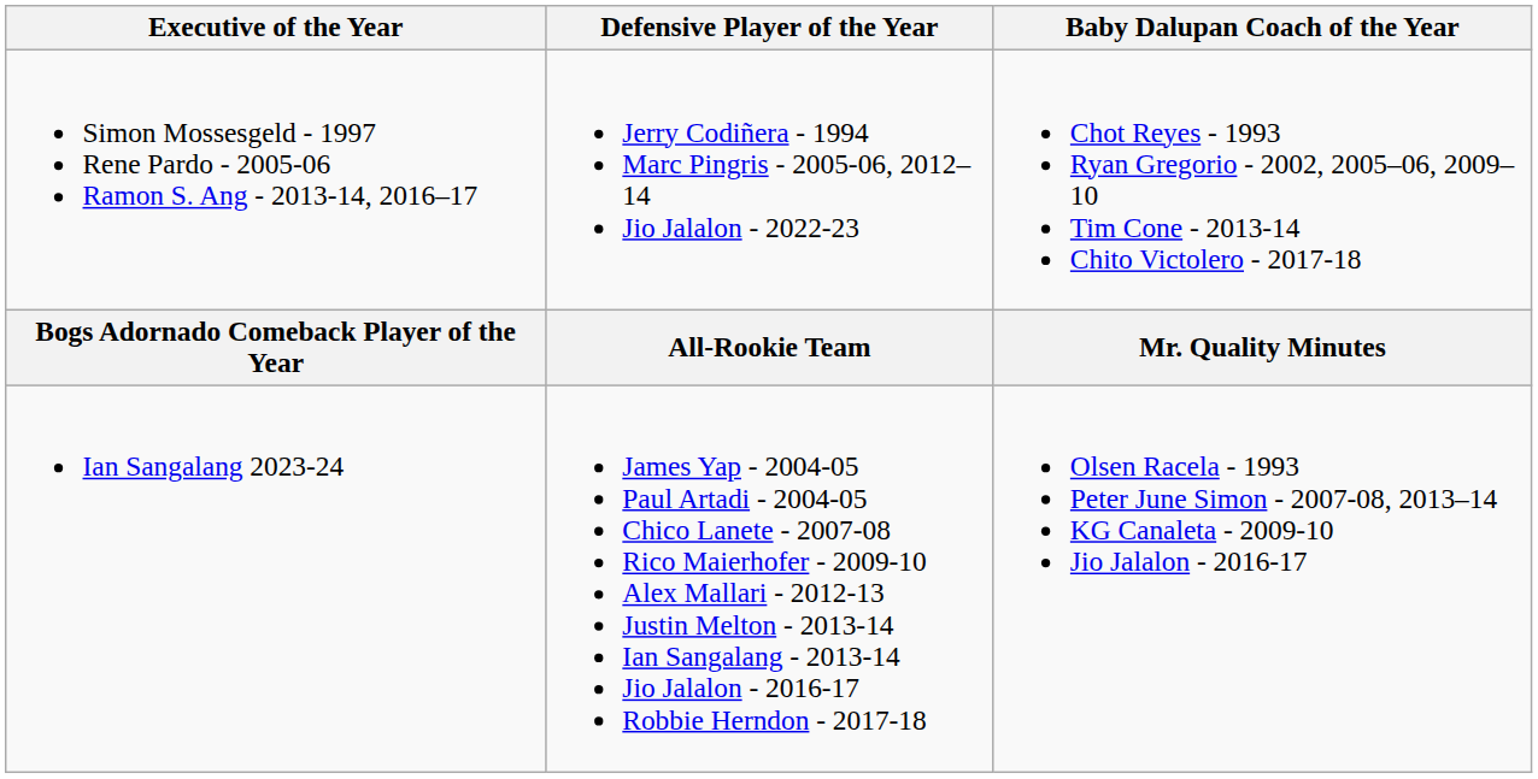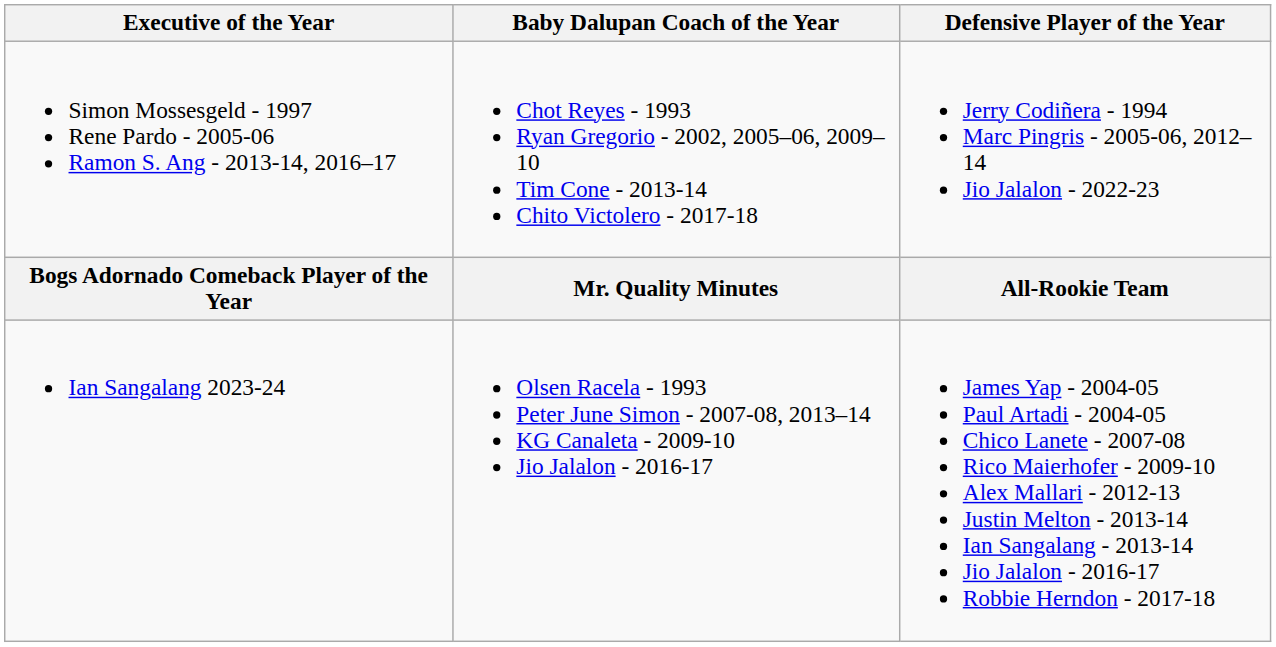 <table class=wikitable>
 <tr>
 <th>Executive of the Year</th>
+<th>Baby Dalupan Coach of the Year</th>
 <th>Defensive Player of the Year</th>
-<th>Baby Dalupan Coach of the Year</th>
 </tr>
 <tr>
 <td valign="top"><br><ul><li>Simon Mossesgeld - 1997</li><li>Rene Pardo - 2005-06</li><li><a href='#'>Ramon S. Ang</a> - 2013-14, 2016–17</li></ul></td>
+<td valign="top"><br><ul><li><a href='#'>Chot Reyes</a> - 1993</li><li><a href='#'>Ryan Gregorio</a> - 2002, 2005–06, 2009–10</li><li><a href='#'>Tim Cone</a> - 2013-14</li><li><a href='#'>Chito Victolero</a> - 2017-18</li></ul></td>
 <td valign="top"><br><ul><li><a href='#'>Jerry Codiñera</a> - 1994</li><li><a href='#'>Marc Pingris</a> - 2005-06, 2012–14</li><li><a href='#'>Jio Jalalon</a> - 2022-23</li></ul></td>
-<td valign="top"><br><ul><li><a href='#'>Chot Reyes</a> - 1993</li><li><a href='#'>Ryan Gregorio</a> - 2002, 2005–06, 2009–10</li><li><a href='#'>Tim Cone</a> - 2013-14</li><li><a href='#'>Chito Victolero</a> - 2017-18</li></ul></td>
 </tr>
 <tr>
 <th>Bogs Adornado Comeback Player of the Year</th>
+<th>Mr. Quality Minutes</th>
 <th>All-Rookie Team</th>
-<th>Mr. Quality Minutes</th>
 </tr>
 <tr>
 <td valign="top"><br><ul><li><a href='#'>Ian Sangalang</a> 2023-24</li></ul></td>
+<td valign="top"><br><ul><li><a href='#'>Olsen Racela</a> - 1993</li><li><a href='#'>Peter June Simon</a> - 2007-08, 2013–14</li><li><a href='#'>KG Canaleta</a> - 2009-10</li><li><a href='#'>Jio Jalalon</a> - 2016-17</li></ul></td>
 <td valign="top"><br><ul><li><a href='#'>James Yap</a> - 2004-05</li><li><a href='#'>Paul Artadi</a> - 2004-05</li><li><a href='#'>Chico Lanete</a> - 2007-08</li><li><a href='#'>Rico Maierhofer</a> - 2009-10</li><li><a href='#'>Alex Mallari</a> - 2012-13</li><li><a href='#'>Justin Melton</a> - 2013-14</li><li><a href='#'>Ian Sangalang</a> - 2013-14</li><li><a href='#'>Jio Jalalon</a> - 2016-17</li><li><a href='#'>Robbie Herndon</a> - 2017-18</li></ul></td>
-<td valign="top"><br><ul><li><a href='#'>Olsen Racela</a> - 1993</li><li><a href='#'>Peter June Simon</a> - 2007-08, 2013–14</li><li><a href='#'>KG Canaleta</a> - 2009-10</li><li><a href='#'>Jio Jalalon</a> - 2016-17</li></ul></td>
 </tr>
 </table>
